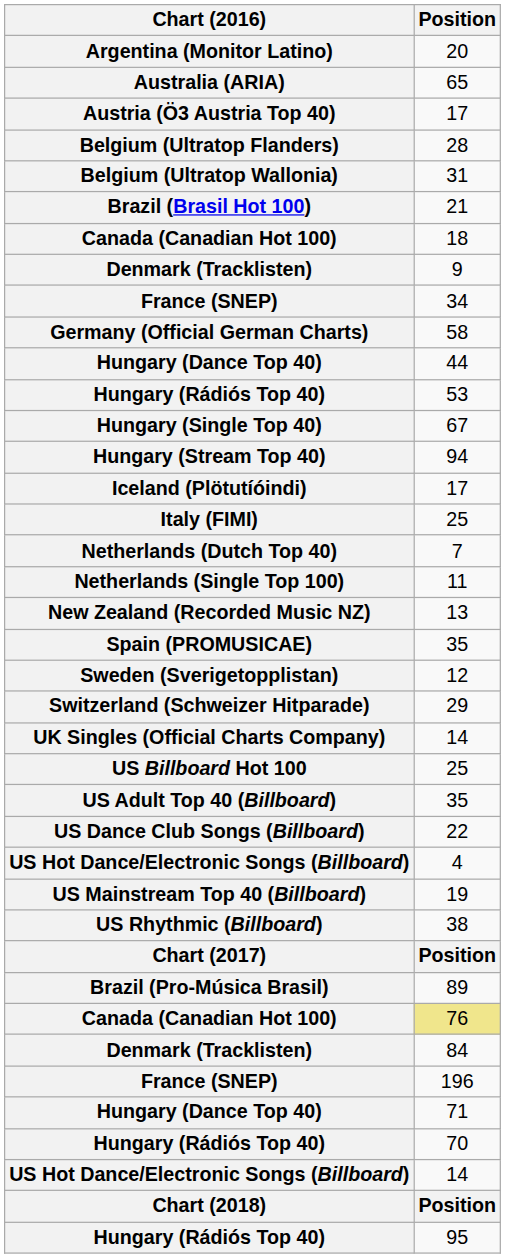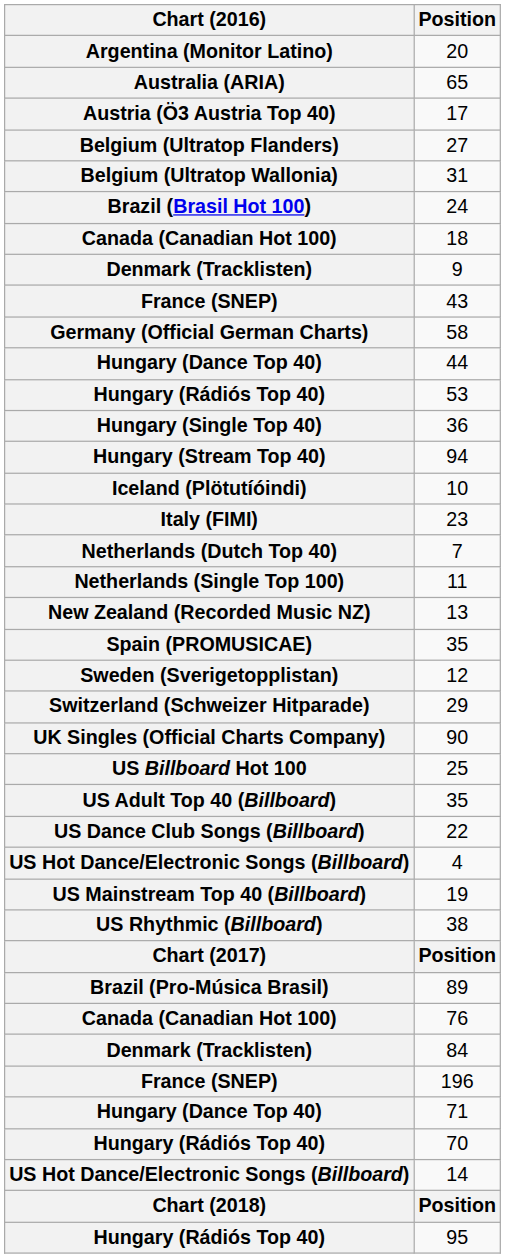 <table class="wikitable plainrowheaders sortable" style="text-align:center">
 <tr>
 <th>Chart (2016)</th>
 <th>Position</th>
 </tr>
 <tr>
 <th scope="row">Argentina (Monitor Latino)</th>
 <td>20</td>
 </tr>
 <tr>
 <th scope="row">Australia (ARIA)</th>
 <td>65</td>
 </tr>
 <tr>
 <th scope="row">Austria (Ö3 Austria Top 40)</th>
 <td>17</td>
 </tr>
 <tr>
 <th scope="row">Belgium (Ultratop Flanders)</th>
-<td>28</td>
+<td>27</td>
 </tr>
 <tr>
 <th scope="row">Belgium (Ultratop Wallonia)</th>
 <td>31</td>
 </tr>
 <tr>
 <th scope="row">Brazil (<a href='#'>Brasil Hot 100</a>)</th>
-<td>21</td>
+<td>24</td>
 </tr>
 <tr>
 <th scope="row">Canada (Canadian Hot 100)</th>
 <td>18</td>
 </tr>
 <tr>
 <th scope="row">Denmark (Tracklisten)</th>
 <td>9</td>
 </tr>
 <tr>
 <th scope="row">France (SNEP)</th>
-<td>34</td>
+<td>43</td>
 </tr>
 <tr>
 <th scope="row">Germany (Official German Charts)</th>
 <td>58</td>
 </tr>
 <tr>
 <th scope="row">Hungary (Dance Top 40)</th>
 <td>44</td>
 </tr>
 <tr>
 <th scope="row">Hungary (Rádiós Top 40)</th>
 <td>53</td>
 </tr>
 <tr>
 <th scope="row">Hungary (Single Top 40)</th>
-<td>67</td>
+<td>36</td>
 </tr>
 <tr>
 <th scope="row">Hungary (Stream Top 40)</th>
 <td>94</td>
 </tr>
 <tr>
 <th scope="row">Iceland (Plötutíóindi)</th>
-<td>17</td>
+<td>10</td>
 </tr>
 <tr>
 <th scope="row">Italy (FIMI)</th>
-<td>25</td>
+<td>23</td>
 </tr>
 <tr>
 <th scope="row">Netherlands (Dutch Top 40)</th>
 <td>7</td>
 </tr>
 <tr>
 <th scope="row">Netherlands (Single Top 100)</th>
 <td>11</td>
 </tr>
 <tr>
 <th scope="row">New Zealand (Recorded Music NZ)</th>
 <td>13</td>
 </tr>
 <tr>
 <th scope="row">Spain (PROMUSICAE)</th>
 <td>35</td>
 </tr>
 <tr>
 <th scope="row">Sweden (Sverigetopplistan)</th>
 <td>12</td>
 </tr>
 <tr>
 <th scope="row">Switzerland (Schweizer Hitparade)</th>
 <td>29</td>
 </tr>
 <tr>
 <th scope="row">UK Singles (Official Charts Company)</th>
-<td>14</td>
+<td>90</td>
 </tr>
 <tr>
 <th scope="row">US <em>Billboard</em> Hot 100</th>
 <td>25</td>
 </tr>
 <tr>
 <th scope="row">US Adult Top 40 (<em>Billboard</em>)</th>
 <td>35</td>
 </tr>
 <tr>
 <th scope="row">US Dance Club Songs (<em>Billboard</em>)</th>
 <td>22</td>
 </tr>
 <tr>
 <th scope="row">US Hot Dance/Electronic Songs (<em>Billboard</em>)</th>
 <td>4</td>
 </tr>
 <tr>
 <th scope="row">US Mainstream Top 40 (<em>Billboard</em>)</th>
 <td>19</td>
 </tr>
 <tr>
 <th scope="row">US Rhythmic (<em>Billboard</em>)</th>
 <td>38</td>
 </tr>
 <tr>
 <th>Chart (2017)</th>
 <th>Position</th>
 </tr>
 <tr>
 <th scope="row">Brazil (Pro-Música Brasil)</th>
 <td>89</td>
 </tr>
 <tr>
 <th scope="row">Canada (Canadian Hot 100)</th>
-<td style="background: khaki;">76</td>
+<td>76</td>
 </tr>
 <tr>
 <th scope="row">Denmark (Tracklisten)</th>
 <td>84</td>
 </tr>
 <tr>
 <th scope="row">France (SNEP)</th>
 <td>196</td>
 </tr>
 <tr>
 <th scope="row">Hungary (Dance Top 40)</th>
 <td>71</td>
 </tr>
 <tr>
 <th scope="row">Hungary (Rádiós Top 40)</th>
 <td>70</td>
 </tr>
 <tr>
 <th scope="row">US Hot Dance/Electronic Songs (<em>Billboard</em>)</th>
 <td>14</td>
 </tr>
 <tr>
 <th>Chart (2018)</th>
 <th>Position</th>
 </tr>
 <tr>
 <th scope="row">Hungary (Rádiós Top 40)</th>
 <td>95</td>
 </tr>
 </table>
